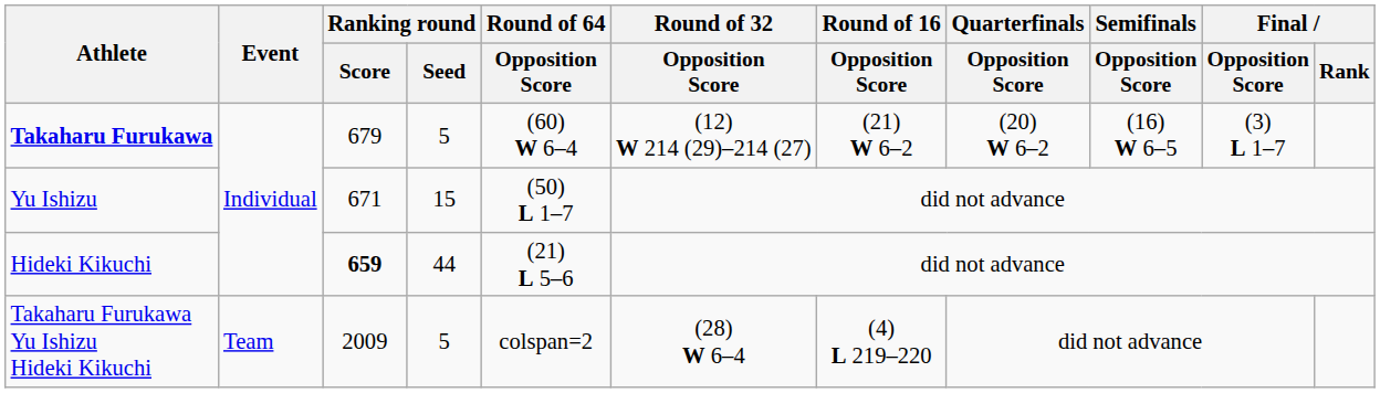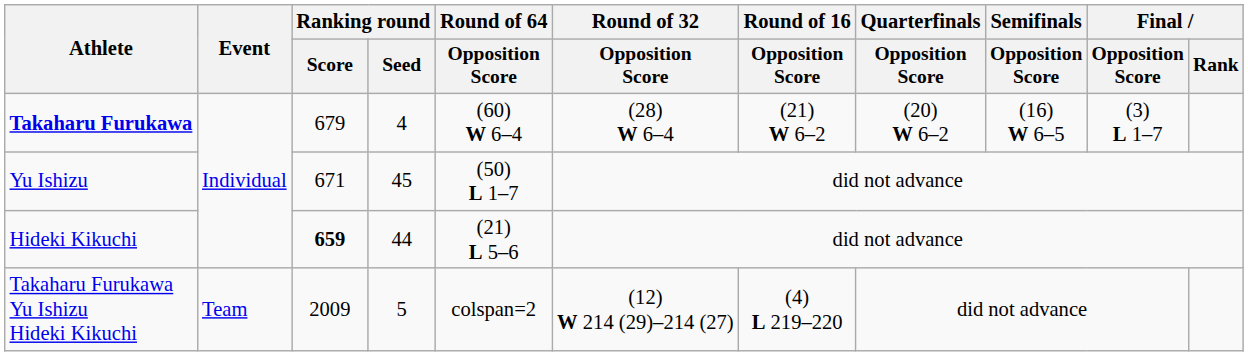 <table class="wikitable" style="font-size:90%">
 <tr>
 <th rowspan="2">Athlete</th>
 <th rowspan="2">Event</th>
 <th colspan="2">Ranking round</th>
 <th>Round of 64</th>
 <th>Round of 32</th>
 <th>Round of 16</th>
 <th>Quarterfinals</th>
 <th>Semifinals</th>
 <th colspan="2">Final / </th>
 </tr>
 <tr style="font-size:95%">
 <th>Score</th>
 <th>Seed</th>
 <th>Opposition<br>Score</th>
 <th>Opposition<br>Score</th>
 <th>Opposition<br>Score</th>
 <th>Opposition<br>Score</th>
 <th>Opposition<br>Score</th>
 <th>Opposition<br>Score</th>
 <th>Rank</th>
 </tr>
 <tr align=center>
 <td align=left><strong><a href='#'>Takaharu Furukawa</a></strong></td>
 <td align=left rowspan=3><a href='#'>Individual</a></td>
 <td>679</td>
-<td>5</td>
+<td>4</td>
 <td> (60)<br><strong>W</strong> 6–4</td>
-<td> (12) <br><strong>W</strong> 214 (29)–214 (27)</td>
+<td> (28)<br><strong>W</strong> 6–4</td>
 <td> (21) <br><strong>W</strong> 6–2</td>
 <td> (20) <br><strong>W</strong> 6–2</td>
 <td> (16) <br><strong>W</strong> 6–5</td>
 <td> (3) <br><strong>L</strong> 1–7</td>
 <td></td>
 </tr>
 <tr align=center>
 <td align=left><a href='#'>Yu Ishizu</a></td>
 <td>671</td>
-<td>15</td>
+<td>45</td>
 <td> (50)<br><strong>L</strong> 1–7</td>
 <td colspan=6>did not advance</td>
 </tr>
 <tr align=center>
 <td align=left><a href='#'>Hideki Kikuchi</a></td>
 <td><strong>659</strong></td>
 <td>44</td>
 <td> (21)<br><strong>L</strong> 5–6</td>
 <td colspan=6>did not advance</td>
 </tr>
 <tr align=center>
 <td align=left><a href='#'>Takaharu Furukawa</a><br><a href='#'>Yu Ishizu</a><br><a href='#'>Hideki Kikuchi</a></td>
 <td align=left><a href='#'>Team</a></td>
 <td>2009</td>
 <td>5</td>
 <td>colspan=2 </td>
-<td> (28)<br><strong>W</strong> 6–4</td>
+<td> (12) <br><strong>W</strong> 214 (29)–214 (27)</td>
 <td> (4) <br><strong>L</strong> 219–220</td>
 <td colspan=3>did not advance</td>
 </tr>
 </table>
